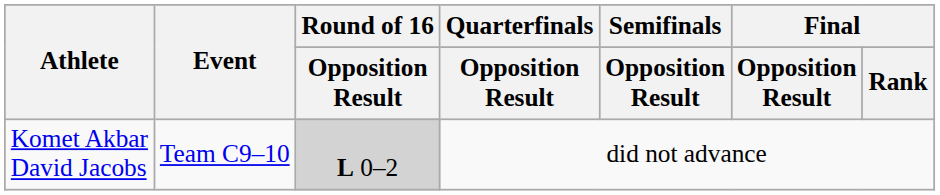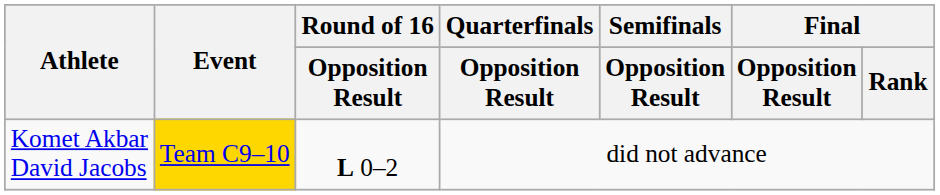 <table class=wikitable style="text-align: center; font-size:90%">
 <tr>
 <th rowspan="2">Athlete</th>
 <th rowspan="2">Event</th>
 <th>Round of 16</th>
 <th>Quarterfinals</th>
 <th>Semifinals</th>
 <th colspan="2">Final</th>
 </tr>
 <tr>
 <th>Opposition<br>Result</th>
 <th>Opposition<br>Result</th>
 <th>Opposition<br>Result</th>
 <th>Opposition<br>Result</th>
 <th>Rank</th>
 </tr>
 <tr>
 <td align=left><a href='#'>Komet Akbar</a><br><a href='#'>David Jacobs</a></td>
-<td align=left><a href='#'>Team C9–10</a></td>
-<td style="background: lightgrey;"><br><strong>L</strong> 0–2</td>
+<td align=left style="background: gold;"><a href='#'>Team C9–10</a></td>
+<td><br><strong>L</strong> 0–2</td>
 <td colspan=4>did not advance</td>
 </tr>
 </table>
